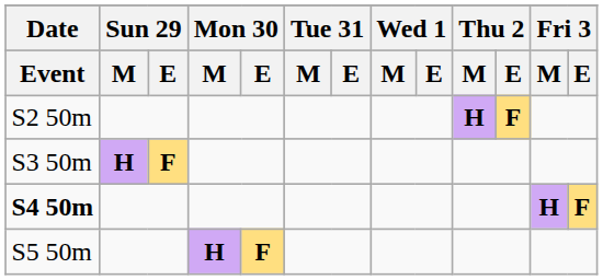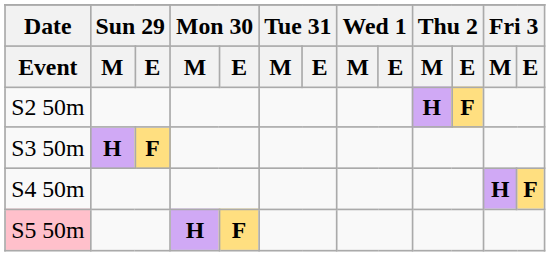 <table class="wikitable" style="margin:0.5em auto; font-size:90%; line-height:1.25em;">
 <tr align="center">
 </tr>
 <tr>
 <th>Date</th>
 <th colspan="2">Sun 29</th>
 <th colspan="2">Mon 30</th>
 <th colspan="2">Tue 31</th>
 <th colspan="2">Wed 1</th>
 <th colspan="2">Thu 2</th>
 <th colspan="2">Fri 3</th>
 </tr>
 <tr>
 <th>Event</th>
 <th>M</th>
 <th>E</th>
 <th>M</th>
 <th>E</th>
 <th>M</th>
 <th>E</th>
 <th>M</th>
 <th>E</th>
 <th>M</th>
 <th>E</th>
 <th>M</th>
 <th>E</th>
 </tr>
 <tr align="center">
 <td align="left">S2 50m</td>
 <td colspan="2"></td>
 <td colspan="2"></td>
 <td colspan="2"></td>
 <td colspan="2"></td>
 <td bgcolor="#D0A9F5"><strong>H</strong></td>
 <td bgcolor="#FFDF80"><strong>F</strong></td>
 <td colspan="2"></td>
 </tr>
 <tr align="center">
 <td align="left">S3 50m</td>
 <td bgcolor="#D0A9F5"><strong>H</strong></td>
 <td bgcolor="#FFDF80"><strong>F</strong></td>
 <td colspan="2"></td>
 <td colspan="2"></td>
 <td colspan="2"></td>
 <td colspan="2"></td>
 <td colspan="2"></td>
 </tr>
 <tr align="center">
-<td align="left"><strong>S4 50m</strong></td>
+<td align="left">S4 50m</td>
 <td colspan="2"></td>
 <td colspan="2"></td>
 <td colspan="2"></td>
 <td colspan="2"></td>
 <td colspan="2"></td>
 <td bgcolor="#D0A9F5"><strong>H</strong></td>
 <td bgcolor="#FFDF80"><strong>F</strong></td>
 </tr>
 <tr align="center">
-<td align="left">S5 50m</td>
+<td align="left" style="background: pink;">S5 50m</td>
 <td colspan="2"></td>
 <td bgcolor="#D0A9F5"><strong>H</strong></td>
 <td bgcolor="#FFDF80"><strong>F</strong></td>
 <td colspan="2"></td>
 <td colspan="2"></td>
 <td colspan="2"></td>
 <td colspan="2"></td>
 </tr>
 </table>
